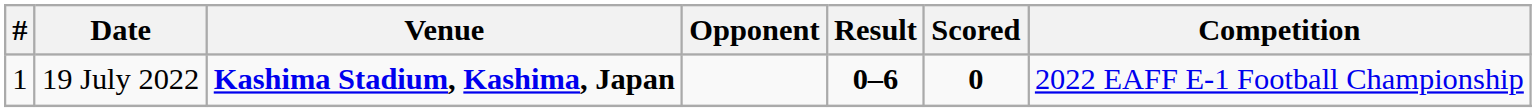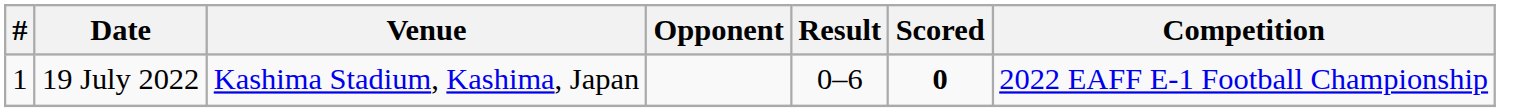 <table class="wikitable" style="font-size:85%; text-align: left;">
 <tr bgcolor="#CCCCCC" align="center">
 <th>#</th>
 <th>Date</th>
 <th>Venue</th>
 <th>Opponent</th>
 <th>Result</th>
 <th>Scored</th>
 <th>Competition</th>
 </tr>
 <tr>
 <td>1</td>
 <td>19 July 2022</td>
-<td><strong><a href='#'>Kashima Stadium</a>, <a href='#'>Kashima</a>, Japan</strong></td>
+<td><a href='#'>Kashima Stadium</a>, <a href='#'>Kashima</a>, Japan</td>
 <td></td>
-<td align=center><strong>0–6</strong></td>
+<td align=center>0–6</td>
 <td align=center><strong>0</strong></td>
 <td><a href='#'>2022 EAFF E-1 Football Championship</a></td>
 </tr>
 <tr>
 </tr>
 </table>
